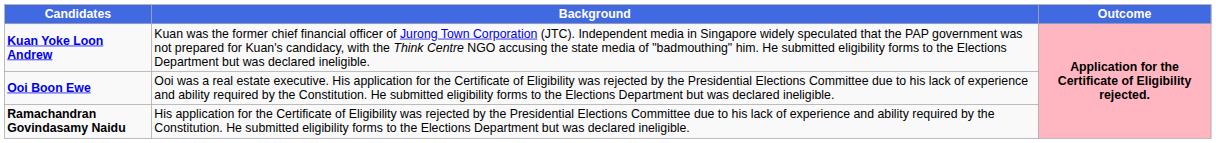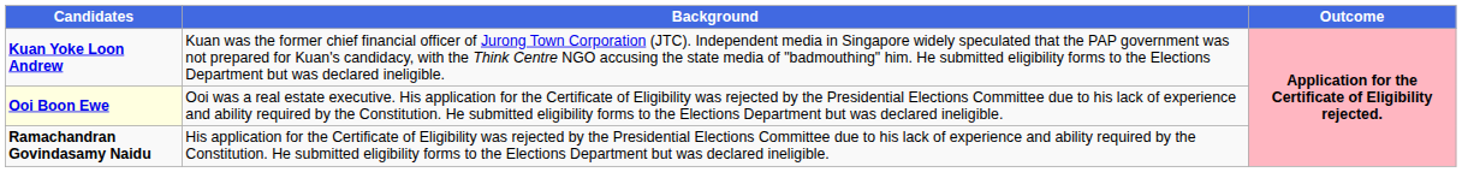 <table class="wikitable">
 <tr>
 <th style="background:RoyalBlue; color: white;">Candidates</th>
 <th style="background:RoyalBlue; color: white;">Background</th>
 <th style="background: RoyalBlue; color: white;">Outcome</th>
 </tr>
 <tr>
 <td><strong><a href='#'>Kuan Yoke Loon Andrew</a></strong></td>
 <td>Kuan was the former chief financial officer of <a href='#'>Jurong Town Corporation</a> (JTC). Independent media in Singapore widely speculated that the PAP government was not prepared for Kuan's candidacy, with the <em>Think Centre</em> NGO accusing the state media of "badmouthing" him. He submitted eligibility forms to the Elections Department but was declared ineligible.</td>
 <th rowspan="3" style="background: lightpink;">Application for the Certificate of Eligibility rejected.</th>
 </tr>
 <tr>
-<td><strong><a href='#'>Ooi Boon Ewe</a></strong></td>
+<td style="background: lightyellow;"><strong><a href='#'>Ooi Boon Ewe</a></strong></td>
 <td>Ooi was a real estate executive. His application for the Certificate of Eligibility was rejected by the Presidential Elections Committee due to his lack of experience and ability required by the Constitution. He submitted eligibility forms to the Elections Department but was declared ineligible.</td>
 </tr>
 <tr>
 <td><strong>Ramachandran Govindasamy Naidu</strong></td>
 <td>His application for the Certificate of Eligibility was rejected by the Presidential Elections Committee due to his lack of experience and ability required by the Constitution. He submitted eligibility forms to the Elections Department but was declared ineligible.</td>
 </tr>
 </table>
